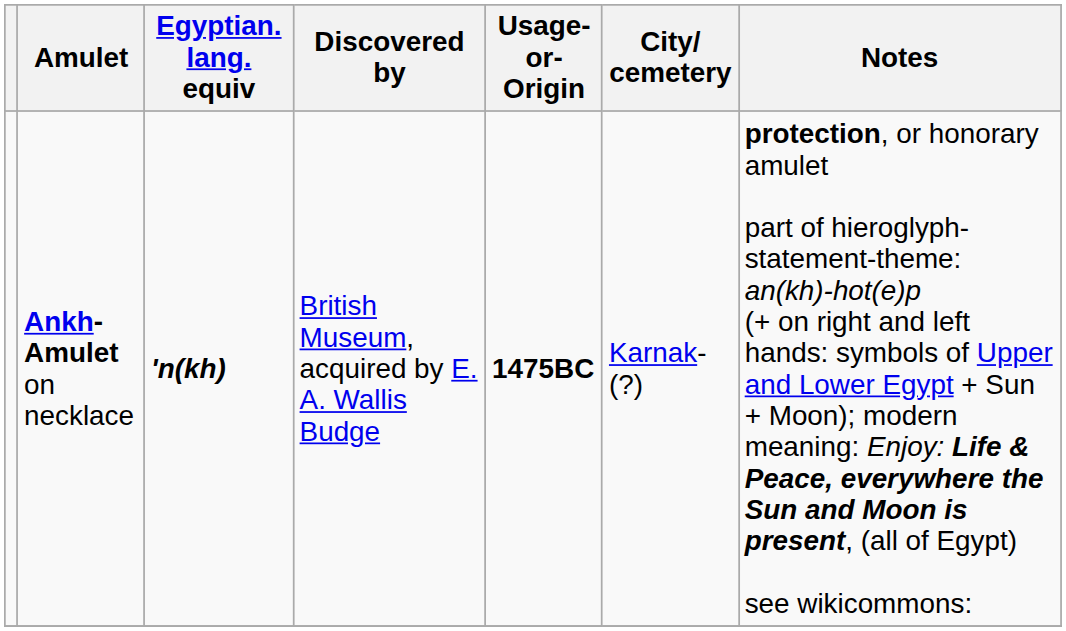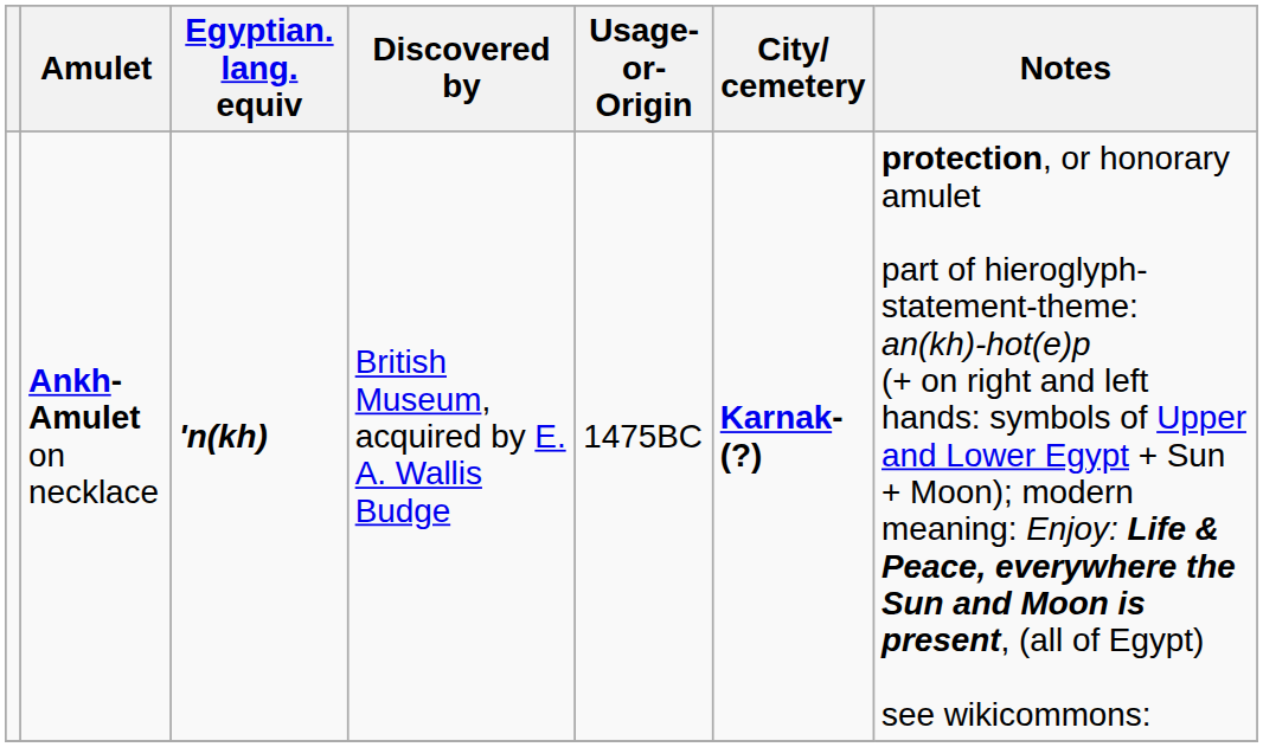 <table class="wikitable sortable">
 <tr style="background:#efefef;">
 <th></th>
 <th><strong>Amulet</strong></th>
 <th><a href='#'>Egyptian. lang.</a> equiv</th>
 <th>Discovered by</th>
 <th>Usage-or-<br>Origin</th>
 <th>City/<br>cemetery</th>
 <th>Notes</th>
 </tr>
 <tr>
 <td></td>
 <td><strong><a href='#'>Ankh</a>-Amulet</strong><br>on necklace</td>
 <td><strong><em> 'n(kh)</em></strong></td>
 <td><a href='#'>British Museum</a>, acquired by <a href='#'>E. A. Wallis Budge</a></td>
-<td><strong>1475BC</strong></td>
-<td><a href='#'>Karnak</a>-(?)</td>
+<td>1475BC</td>
+<td><strong><a href='#'>Karnak</a>-(?)</strong></td>
 <td><strong>protection</strong>, or honorary amulet<br><br>part of hieroglyph-statement-theme: <em>an(kh)-hot(e)p</em><br>(+ on right and left hands: symbols of <a href='#'>Upper and Lower Egypt</a> + Sun + Moon); modern meaning: <em>Enjoy:</em> <strong><em>Life & Peace, everywhere the Sun and Moon is present</em></strong>, (all of Egypt)<br><br>see wikicommons: </td>
 </tr>
 <tr>
 </tr>
 </table>
